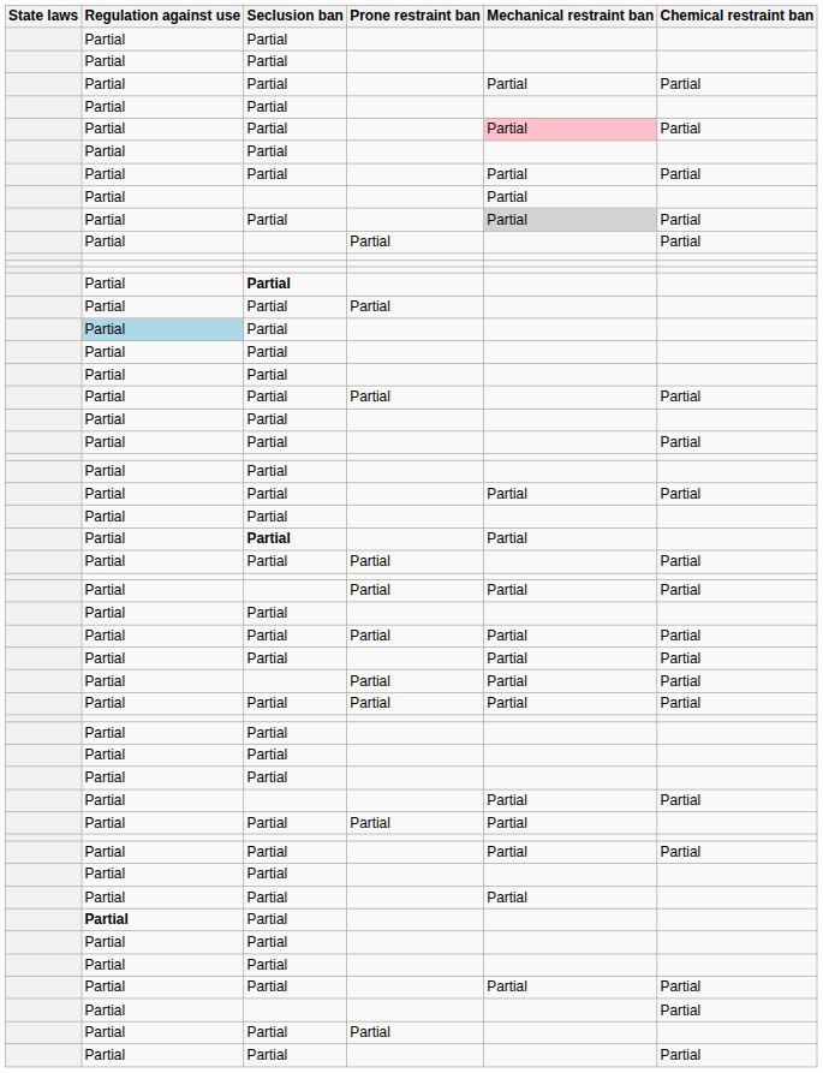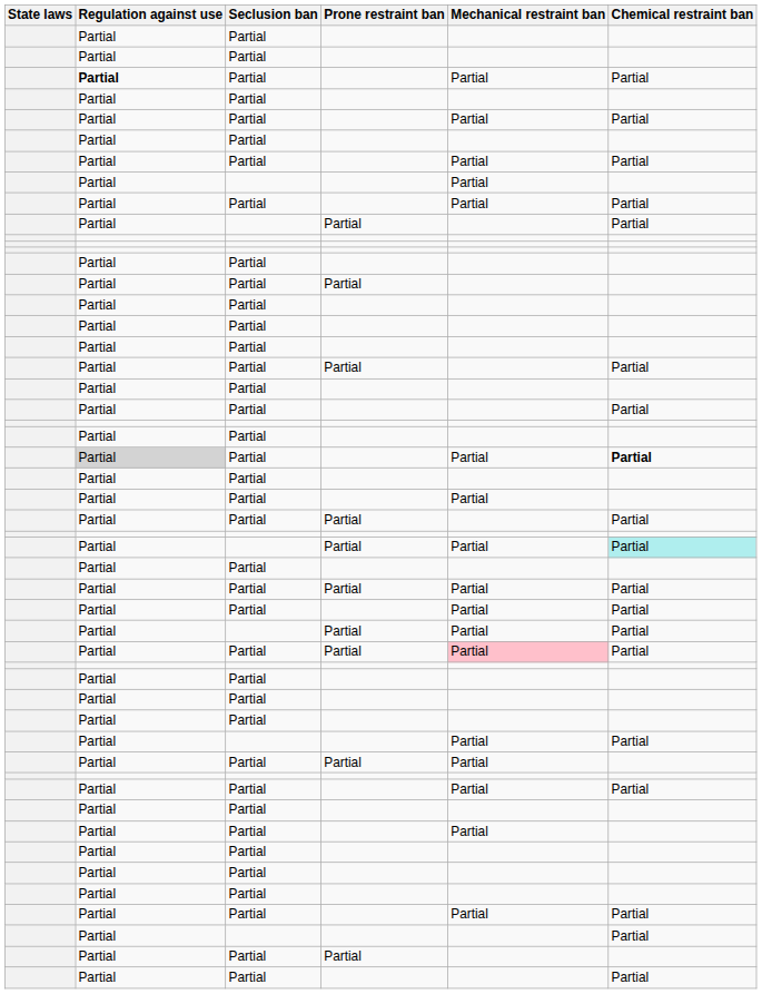 <table class="wikitable">
 <tr>
 <th>State laws</th>
 <th>Regulation against use</th>
 <th>Seclusion ban</th>
 <th>Prone restraint ban</th>
 <th>Mechanical restraint ban</th>
 <th>Chemical restraint ban</th>
 </tr>
 <tr>
 <th></th>
 <td> Partial</td>
 <td> Partial</td>
 <td></td>
 <td></td>
 <td></td>
 </tr>
 <tr>
 <th></th>
 <td> Partial</td>
 <td> Partial</td>
 <td></td>
 <td></td>
 <td></td>
 </tr>
 <tr>
 <th></th>
-<td> Partial</td>
+<td><strong> Partial</strong></td>
 <td> Partial</td>
 <td></td>
 <td> Partial</td>
 <td> Partial</td>
 </tr>
 <tr>
 <th></th>
 <td> Partial</td>
 <td> Partial</td>
 <td></td>
 <td></td>
 <td></td>
 </tr>
 <tr>
 <th></th>
 <td> Partial</td>
 <td> Partial</td>
 <td></td>
-<td style="background: pink;"> Partial</td>
+<td> Partial</td>
 <td> Partial</td>
 </tr>
 <tr>
 <th></th>
 <td> Partial</td>
 <td> Partial</td>
 <td></td>
 <td></td>
 <td></td>
 </tr>
 <tr>
 <th></th>
 <td> Partial</td>
 <td> Partial</td>
 <td></td>
 <td> Partial</td>
 <td> Partial</td>
 </tr>
 <tr>
 <th></th>
 <td> Partial</td>
 <td></td>
 <td></td>
 <td> Partial</td>
 <td></td>
 </tr>
 <tr>
 <th></th>
 <td> Partial</td>
 <td> Partial</td>
 <td></td>
-<td style="background: lightgrey;"> Partial</td>
+<td> Partial</td>
 <td> Partial</td>
 </tr>
 <tr>
 <th></th>
 <td> Partial</td>
 <td></td>
 <td> Partial</td>
 <td></td>
 <td> Partial</td>
 </tr>
 <tr>
 <th></th>
 <td></td>
 <td></td>
 <td></td>
 <td></td>
 <td></td>
 </tr>
 <tr>
 <th></th>
 <td></td>
 <td></td>
 <td></td>
 <td></td>
 <td></td>
 </tr>
 <tr>
 <th></th>
 <td></td>
 <td></td>
 <td></td>
 <td></td>
 <td></td>
 </tr>
 <tr>
 <th></th>
 <td> Partial</td>
-<td><strong> Partial</strong></td>
+<td> Partial</td>
 <td></td>
 <td></td>
 <td></td>
 </tr>
 <tr>
 <th></th>
 <td> Partial</td>
 <td> Partial</td>
 <td> Partial</td>
 <td></td>
 <td></td>
 </tr>
 <tr>
 <th></th>
-<td style="background: lightblue;"> Partial</td>
+<td> Partial</td>
 <td> Partial</td>
 <td></td>
 <td></td>
 <td></td>
 </tr>
 <tr>
 <th></th>
 <td> Partial</td>
 <td> Partial</td>
 <td></td>
 <td></td>
 <td></td>
 </tr>
 <tr>
 <th></th>
 <td> Partial</td>
 <td> Partial</td>
 <td></td>
 <td></td>
 <td></td>
 </tr>
 <tr>
 <th></th>
 <td> Partial</td>
 <td> Partial</td>
 <td> Partial</td>
 <td></td>
 <td> Partial</td>
 </tr>
 <tr>
 <th></th>
 <td> Partial</td>
 <td> Partial</td>
 <td></td>
 <td></td>
 <td></td>
 </tr>
 <tr>
 <th></th>
 <td> Partial</td>
 <td> Partial</td>
 <td></td>
 <td></td>
 <td> Partial</td>
 </tr>
 <tr>
 <th></th>
 <td></td>
 <td></td>
 <td></td>
 <td></td>
 <td></td>
 </tr>
 <tr>
 <th></th>
 <td> Partial</td>
 <td> Partial</td>
 <td></td>
 <td></td>
 <td></td>
 </tr>
 <tr>
 <th></th>
-<td> Partial</td>
+<td style="background: lightgrey;"> Partial</td>
 <td> Partial</td>
 <td></td>
 <td> Partial</td>
-<td> Partial</td>
+<td><strong> Partial</strong></td>
 </tr>
 <tr>
 <th></th>
 <td> Partial</td>
 <td> Partial</td>
 <td></td>
 <td></td>
 <td></td>
 </tr>
 <tr>
 <th></th>
 <td> Partial</td>
-<td><strong> Partial</strong></td>
+<td> Partial</td>
 <td></td>
 <td> Partial</td>
 <td></td>
 </tr>
 <tr>
 <th></th>
 <td> Partial</td>
 <td> Partial</td>
 <td> Partial</td>
 <td></td>
 <td> Partial</td>
 </tr>
 <tr>
 <th></th>
 <td></td>
 <td></td>
 <td></td>
 <td></td>
 <td></td>
 </tr>
 <tr>
 <th></th>
 <td> Partial</td>
 <td></td>
 <td> Partial</td>
 <td> Partial</td>
-<td> Partial</td>
+<td style="background: paleturquoise;"> Partial</td>
 </tr>
 <tr>
 <th></th>
 <td> Partial</td>
 <td> Partial</td>
 <td></td>
 <td></td>
 <td></td>
 </tr>
 <tr>
 <th></th>
 <td> Partial</td>
 <td> Partial</td>
 <td> Partial</td>
 <td> Partial</td>
 <td> Partial</td>
 </tr>
 <tr>
 <th></th>
 <td> Partial</td>
 <td> Partial</td>
 <td></td>
 <td> Partial</td>
 <td> Partial</td>
 </tr>
 <tr>
 <th></th>
 <td> Partial</td>
 <td></td>
 <td> Partial</td>
 <td> Partial</td>
 <td> Partial</td>
 </tr>
 <tr>
 <th></th>
 <td> Partial</td>
 <td> Partial</td>
 <td> Partial</td>
-<td> Partial</td>
+<td style="background: pink;"> Partial</td>
 <td> Partial</td>
 </tr>
 <tr>
 <th></th>
 <td></td>
 <td></td>
 <td></td>
 <td></td>
 <td></td>
 </tr>
 <tr>
 <th></th>
 <td> Partial</td>
 <td> Partial</td>
 <td></td>
 <td></td>
 <td></td>
 </tr>
 <tr>
 <th></th>
 <td> Partial</td>
 <td> Partial</td>
 <td></td>
 <td></td>
 <td></td>
 </tr>
 <tr>
 <th></th>
 <td> Partial</td>
 <td> Partial</td>
 <td></td>
 <td></td>
 <td></td>
 </tr>
 <tr>
 <th></th>
 <td> Partial</td>
 <td></td>
 <td></td>
 <td> Partial</td>
 <td> Partial</td>
 </tr>
 <tr>
 <th></th>
 <td> Partial</td>
 <td> Partial</td>
 <td> Partial</td>
 <td> Partial</td>
 <td></td>
 </tr>
 <tr>
 <th></th>
 <td></td>
 <td></td>
 <td></td>
 <td></td>
 <td></td>
 </tr>
 <tr>
 <th></th>
 <td> Partial</td>
 <td> Partial</td>
 <td></td>
 <td> Partial</td>
 <td> Partial</td>
 </tr>
 <tr>
 <th></th>
 <td> Partial</td>
 <td> Partial</td>
 <td></td>
 <td></td>
 <td></td>
 </tr>
 <tr>
 <th></th>
 <td> Partial</td>
 <td> Partial</td>
 <td></td>
 <td> Partial</td>
 <td></td>
 </tr>
 <tr>
 <th></th>
-<td><strong> Partial</strong></td>
+<td> Partial</td>
 <td> Partial</td>
 <td></td>
 <td></td>
 <td></td>
 </tr>
 <tr>
 <th></th>
 <td> Partial</td>
 <td> Partial</td>
 <td></td>
 <td></td>
 <td></td>
 </tr>
 <tr>
 <th></th>
 <td> Partial</td>
 <td> Partial</td>
 <td></td>
 <td></td>
 <td></td>
 </tr>
 <tr>
 <th></th>
 <td> Partial</td>
 <td> Partial</td>
 <td></td>
 <td> Partial</td>
 <td> Partial</td>
 </tr>
 <tr>
 <th></th>
 <td> Partial</td>
 <td></td>
 <td></td>
 <td></td>
 <td> Partial</td>
 </tr>
 <tr>
 <th></th>
 <td> Partial</td>
 <td> Partial</td>
 <td> Partial</td>
 <td></td>
 <td></td>
 </tr>
 <tr>
 <th></th>
 <td> Partial</td>
 <td> Partial</td>
 <td></td>
 <td></td>
 <td> Partial</td>
 </tr>
 </table>
